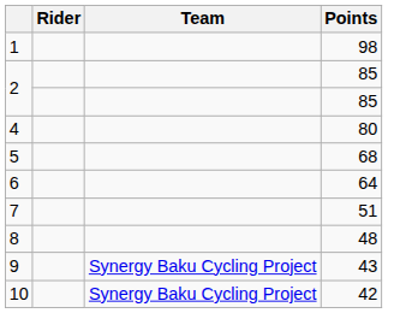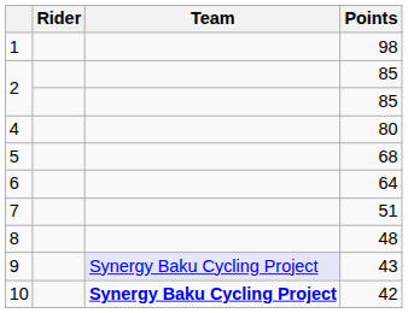 <table class="wikitable">
 <tr>
 <th></th>
 <th>Rider</th>
 <th>Team</th>
 <th>Points</th>
 </tr>
 <tr>
 <td>1</td>
 <td> </td>
 <td></td>
 <td align=right>98</td>
 </tr>
 <tr>
 <td rowspan=2>2</td>
 <td></td>
 <td></td>
 <td align=right>85</td>
 </tr>
 <tr>
 <td></td>
 <td></td>
 <td align=right>85</td>
 </tr>
 <tr>
 <td>4</td>
 <td></td>
 <td></td>
 <td align=right>80</td>
 </tr>
 <tr>
 <td>5</td>
 <td></td>
 <td></td>
 <td align=right>68</td>
 </tr>
 <tr>
 <td>6</td>
 <td></td>
 <td></td>
 <td align=right>64</td>
 </tr>
 <tr>
 <td>7</td>
 <td></td>
 <td></td>
 <td align=right>51</td>
 </tr>
 <tr>
 <td>8</td>
 <td></td>
 <td></td>
 <td align=right>48</td>
 </tr>
 <tr>
 <td>9</td>
 <td></td>
-<td><a href='#'>Synergy Baku Cycling Project</a></td>
+<td style="background: lavender;"><a href='#'>Synergy Baku Cycling Project</a></td>
 <td align=right>43</td>
 </tr>
 <tr>
 <td>10</td>
 <td></td>
-<td><a href='#'>Synergy Baku Cycling Project</a></td>
+<td><strong><a href='#'>Synergy Baku Cycling Project</a></strong></td>
 <td align=right>42</td>
 </tr>
 </table>
